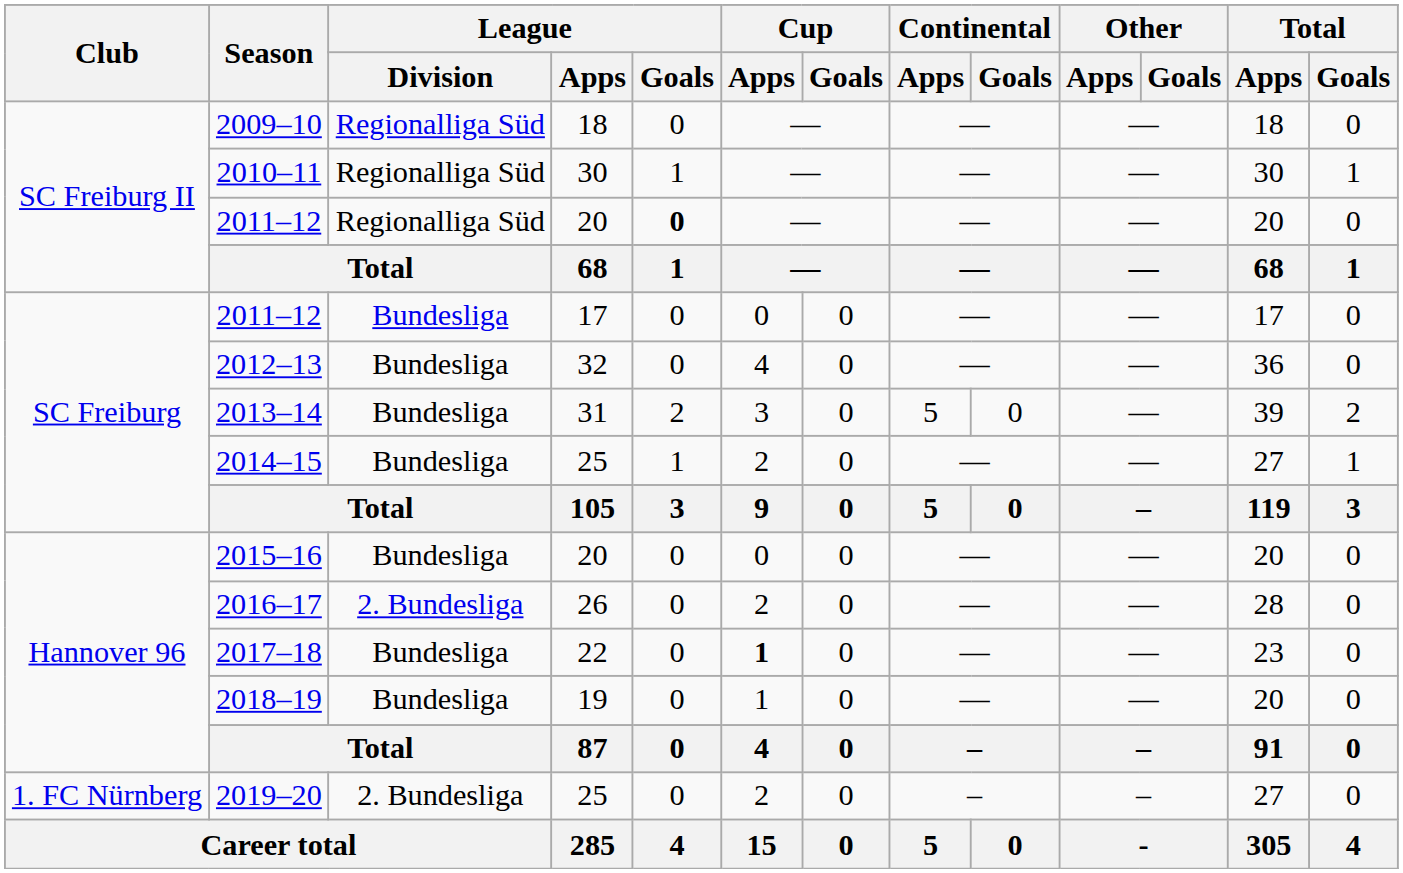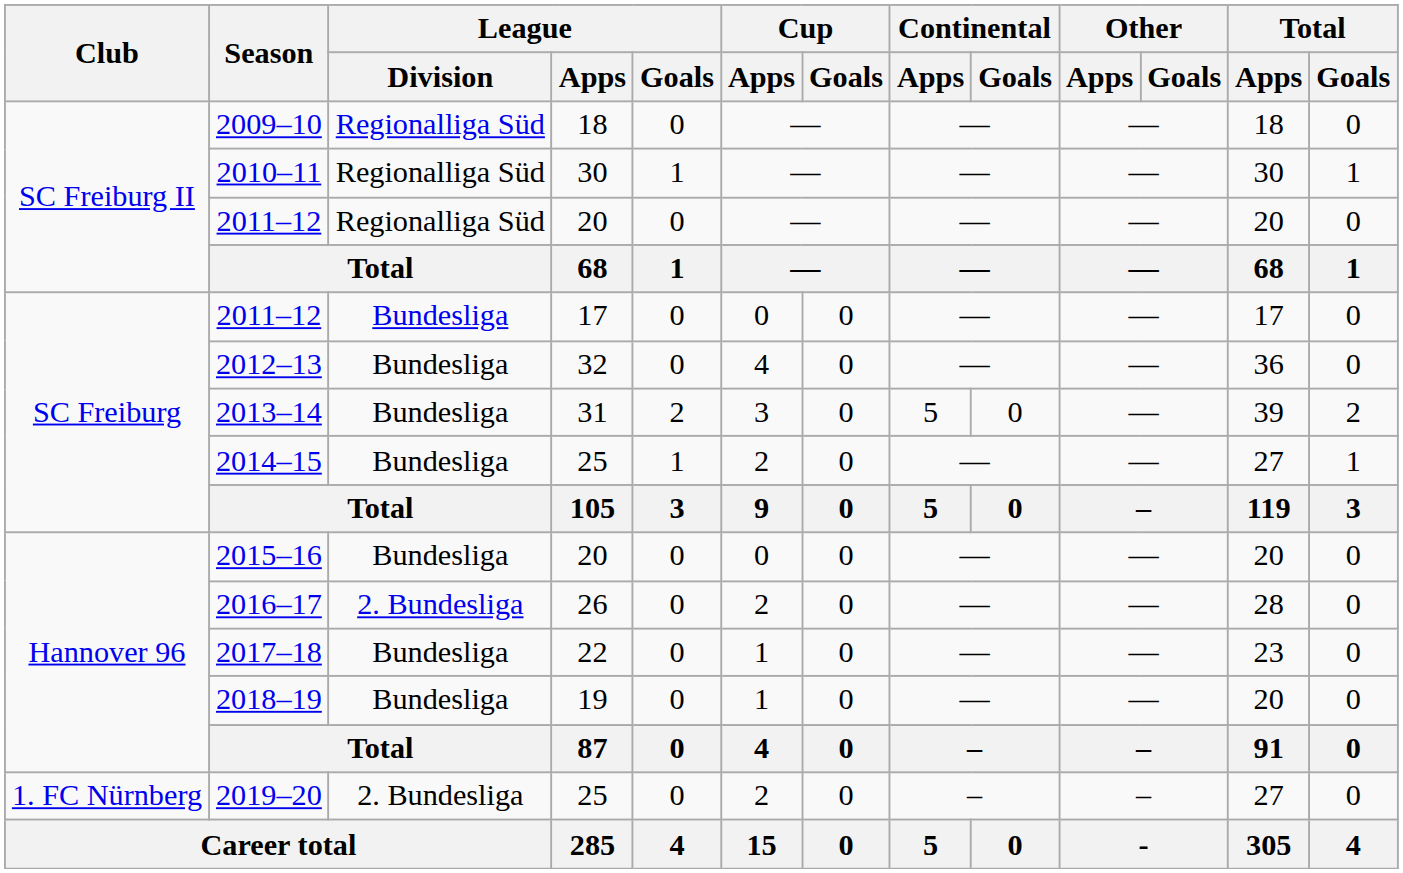 <table class="wikitable" style="text-align:center">
 <tr>
 <th rowspan="2">Club</th>
 <th rowspan="2">Season</th>
 <th colspan="3">League</th>
 <th colspan="2">Cup</th>
 <th colspan="2">Continental</th>
 <th colspan="2">Other</th>
 <th colspan="2">Total</th>
 </tr>
 <tr>
 <th>Division</th>
 <th>Apps</th>
 <th>Goals</th>
 <th>Apps</th>
 <th>Goals</th>
 <th>Apps</th>
 <th>Goals</th>
 <th>Apps</th>
 <th>Goals</th>
 <th>Apps</th>
 <th>Goals</th>
 </tr>
 <tr>
 <td rowspan="4"><a href='#'>SC Freiburg II</a></td>
 <td><a href='#'>2009–10</a></td>
 <td><a href='#'>Regionalliga Süd</a></td>
 <td>18</td>
 <td>0</td>
 <td colspan="2">—</td>
 <td colspan="2">—</td>
 <td colspan="2">—</td>
 <td>18</td>
 <td>0</td>
 </tr>
 <tr>
 <td><a href='#'>2010–11</a></td>
 <td>Regionalliga Süd</td>
 <td>30</td>
 <td>1</td>
 <td colspan="2">—</td>
 <td colspan="2">—</td>
 <td colspan="2">—</td>
 <td>30</td>
 <td>1</td>
 </tr>
 <tr>
 <td><a href='#'>2011–12</a></td>
 <td>Regionalliga Süd</td>
 <td>20</td>
-<td><strong>0</strong></td>
+<td>0</td>
 <td colspan="2">—</td>
 <td colspan="2">—</td>
 <td colspan="2">—</td>
 <td>20</td>
 <td>0</td>
 </tr>
 <tr>
 <th colspan="2">Total</th>
 <th>68</th>
 <th>1</th>
 <th colspan="2">—</th>
 <th colspan="2">—</th>
 <th colspan="2">—</th>
 <th>68</th>
 <th>1</th>
 </tr>
 <tr>
 <td rowspan="5"><a href='#'>SC Freiburg</a></td>
 <td><a href='#'>2011–12</a></td>
 <td><a href='#'>Bundesliga</a></td>
 <td>17</td>
 <td>0</td>
 <td>0</td>
 <td>0</td>
 <td colspan="2">—</td>
 <td colspan="2">—</td>
 <td>17</td>
 <td>0</td>
 </tr>
 <tr>
 <td><a href='#'>2012–13</a></td>
 <td>Bundesliga</td>
 <td>32</td>
 <td>0</td>
 <td>4</td>
 <td>0</td>
 <td colspan="2">—</td>
 <td colspan="2">—</td>
 <td>36</td>
 <td>0</td>
 </tr>
 <tr>
 <td><a href='#'>2013–14</a></td>
 <td>Bundesliga</td>
 <td>31</td>
 <td>2</td>
 <td>3</td>
 <td>0</td>
 <td>5</td>
 <td>0</td>
 <td colspan="2">—</td>
 <td>39</td>
 <td>2</td>
 </tr>
 <tr>
 <td><a href='#'>2014–15</a></td>
 <td>Bundesliga</td>
 <td>25</td>
 <td>1</td>
 <td>2</td>
 <td>0</td>
 <td colspan="2">—</td>
 <td colspan="2">—</td>
 <td>27</td>
 <td>1</td>
 </tr>
 <tr>
 <th colspan="2">Total</th>
 <th>105</th>
 <th>3</th>
 <th>9</th>
 <th>0</th>
 <th>5</th>
 <th>0</th>
 <th colspan="2">–</th>
 <th>119</th>
 <th>3</th>
 </tr>
 <tr>
 <td rowspan="5"><a href='#'>Hannover 96</a></td>
 <td><a href='#'>2015–16</a></td>
 <td>Bundesliga</td>
 <td>20</td>
 <td>0</td>
 <td>0</td>
 <td>0</td>
 <td colspan="2">—</td>
 <td colspan="2">—</td>
 <td>20</td>
 <td>0</td>
 </tr>
 <tr>
 <td><a href='#'>2016–17</a></td>
 <td><a href='#'>2. Bundesliga</a></td>
 <td>26</td>
 <td>0</td>
 <td>2</td>
 <td>0</td>
 <td colspan="2">—</td>
 <td colspan="2">—</td>
 <td>28</td>
 <td>0</td>
 </tr>
 <tr>
 <td><a href='#'>2017–18</a></td>
 <td>Bundesliga</td>
 <td>22</td>
 <td>0</td>
-<td><strong>1</strong></td>
+<td>1</td>
 <td>0</td>
 <td colspan="2">—</td>
 <td colspan="2">—</td>
 <td>23</td>
 <td>0</td>
 </tr>
 <tr>
 <td><a href='#'>2018–19</a></td>
 <td>Bundesliga</td>
 <td>19</td>
 <td>0</td>
 <td>1</td>
 <td>0</td>
 <td colspan="2">—</td>
 <td colspan="2">—</td>
 <td>20</td>
 <td>0</td>
 </tr>
 <tr>
 <th colspan="2">Total</th>
 <th>87</th>
 <th>0</th>
 <th>4</th>
 <th>0</th>
 <th colspan="2">–</th>
 <th colspan="2">–</th>
 <th>91</th>
 <th>0</th>
 </tr>
 <tr>
 <td><a href='#'>1. FC Nürnberg</a></td>
 <td><a href='#'>2019–20</a></td>
 <td>2. Bundesliga</td>
 <td>25</td>
 <td>0</td>
 <td>2</td>
 <td>0</td>
 <td colspan="2">–</td>
 <td colspan="2">–</td>
 <td>27</td>
 <td>0</td>
 </tr>
 <tr>
 <th colspan="3">Career total</th>
 <th>285</th>
 <th>4</th>
 <th>15</th>
 <th>0</th>
 <th>5</th>
 <th>0</th>
 <th colspan="2">-</th>
 <th>305</th>
 <th>4</th>
 </tr>
 </table>
